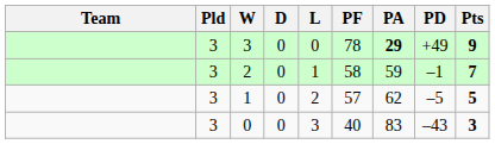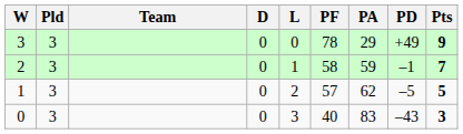 <table class="wikitable" style="text-align:center;">
 <tr>
+<th width=25 abbr="Won">W</th>
+<th width=25 abbr="Played">Pld</th>
 <th width=175>Team</th>
-<th width=25 abbr="Played">Pld</th>
-<th width=25 abbr="Won">W</th>
 <th width=25 abbr="Drawn">D</th>
 <th width=25 abbr="Lost">L</th>
 <th width=32 abbr="Points for">PF</th>
 <th width=32 abbr="Points against">PA</th>
 <th width=32 abbr="Points difference">PD</th>
 <th width=25 abbr="Points">Pts</th>
 </tr>
 <tr bgcolor=ccffcc>
-<td align=left></td>
 <td>3</td>
 <td>3</td>
+<td align=left></td>
 <td>0</td>
 <td>0</td>
 <td>78</td>
-<td><strong>29</strong></td>
+<td>29</td>
 <td>+49</td>
 <td><strong>9</strong></td>
 </tr>
 <tr bgcolor=ccffcc>
+<td>2</td>
+<td>3</td>
 <td align=left></td>
-<td>3</td>
-<td>2</td>
 <td>0</td>
 <td>1</td>
 <td>58</td>
 <td>59</td>
 <td>–1</td>
 <td><strong>7</strong></td>
 </tr>
 <tr>
+<td>1</td>
+<td>3</td>
 <td align=left></td>
-<td>3</td>
-<td>1</td>
 <td>0</td>
 <td>2</td>
 <td>57</td>
 <td>62</td>
 <td>–5</td>
 <td><strong>5</strong></td>
 </tr>
 <tr>
+<td>0</td>
+<td>3</td>
 <td align=left></td>
-<td>3</td>
-<td>0</td>
 <td>0</td>
 <td>3</td>
 <td>40</td>
 <td>83</td>
 <td>–43</td>
 <td><strong>3</strong></td>
 </tr>
 </table>
